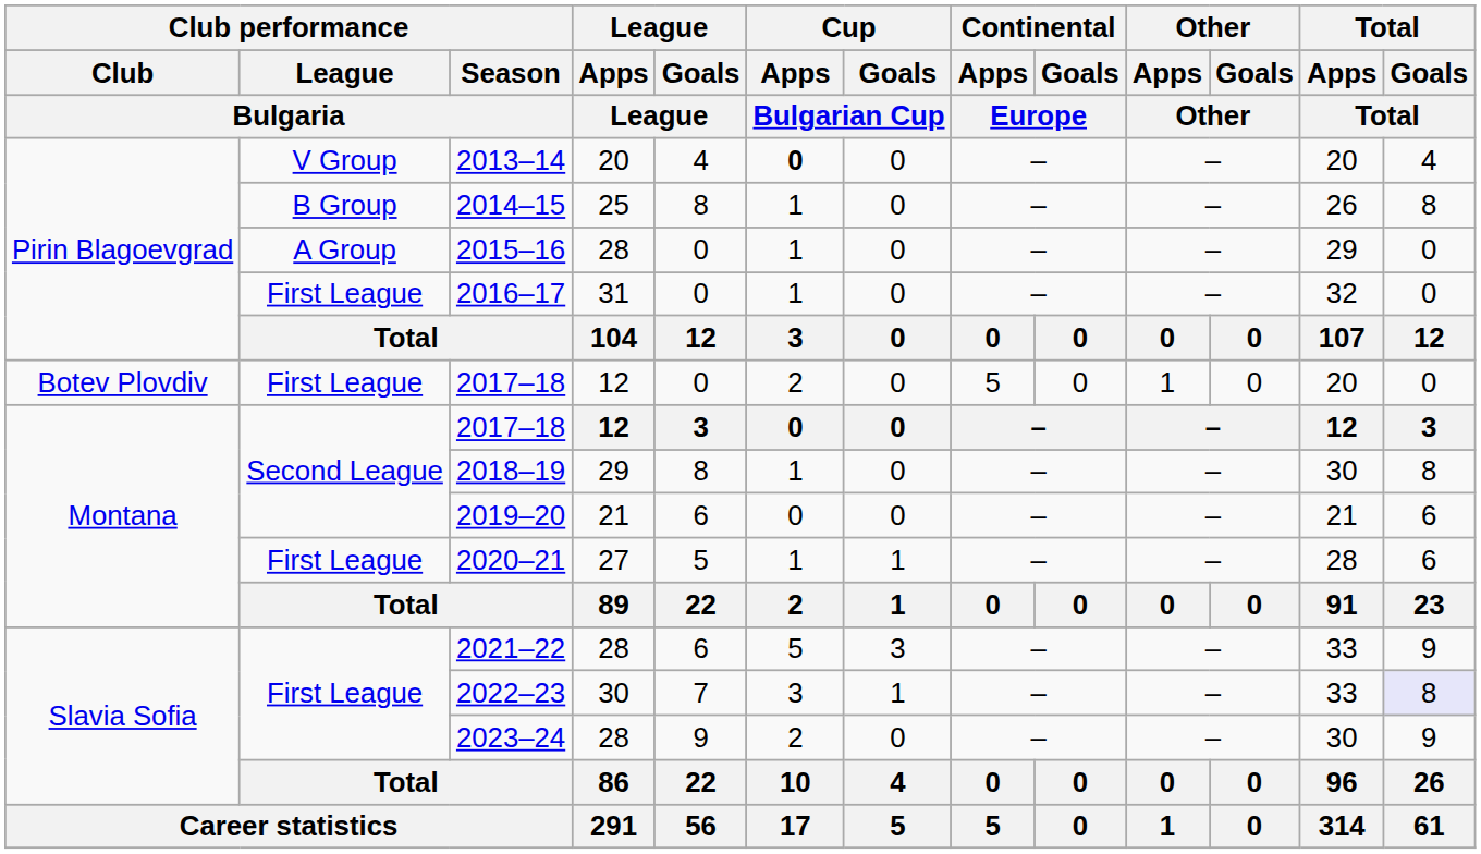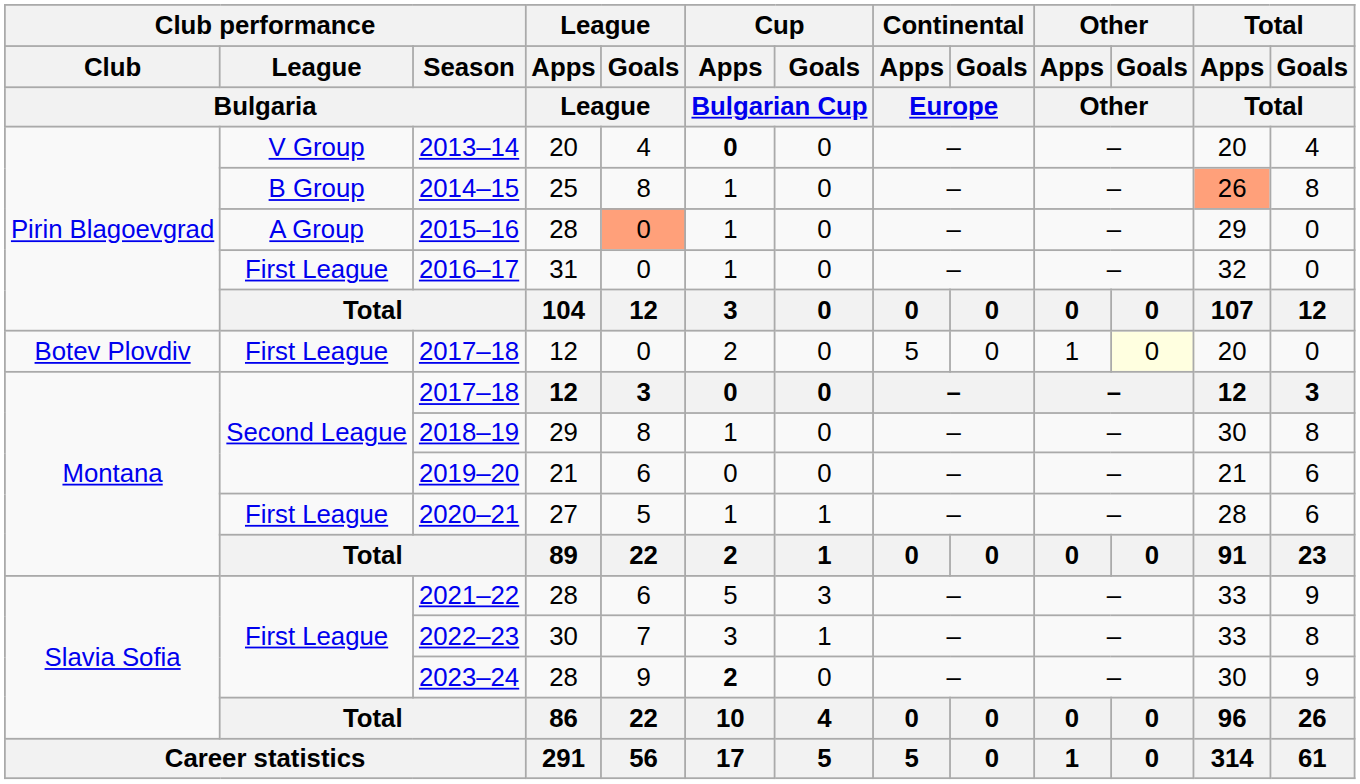 <table class="wikitable" style="font-size:90%; text-align: center">
 <tr>
 <th Colspan="3">Club performance</th>
 <th Colspan="2">League</th>
 <th Colspan="2">Cup</th>
 <th Colspan="2">Continental</th>
 <th Colspan="2">Other</th>
 <th Colspan="3">Total</th>
 </tr>
 <tr>
 <th>Club</th>
 <th>League</th>
 <th>Season</th>
 <th>Apps</th>
 <th>Goals</th>
 <th>Apps</th>
 <th>Goals</th>
 <th>Apps</th>
 <th>Goals</th>
 <th>Apps</th>
 <th>Goals</th>
 <th>Apps</th>
 <th>Goals</th>
 </tr>
 <tr>
 <th Colspan="3">Bulgaria</th>
 <th Colspan="2">League</th>
 <th Colspan="2"><a href='#'>Bulgarian Cup</a></th>
 <th Colspan="2"><a href='#'>Europe</a></th>
 <th Colspan="2">Other</th>
 <th Colspan="2">Total</th>
 </tr>
 <tr>
 <td rowspan="5" valign="center"><a href='#'>Pirin Blagoevgrad</a></td>
 <td rowspan="1"><a href='#'>V Group</a></td>
 <td><a href='#'>2013–14</a></td>
 <td>20</td>
 <td>4</td>
 <td><strong>0</strong></td>
 <td>0</td>
 <td colspan="2">–</td>
 <td colspan="2">–</td>
 <td>20</td>
 <td>4</td>
 </tr>
 <tr>
 <td rowspan="1"><a href='#'>B Group</a></td>
 <td><a href='#'>2014–15</a></td>
 <td>25</td>
 <td>8</td>
 <td>1</td>
 <td>0</td>
 <td colspan="2">–</td>
 <td colspan="2">–</td>
-<td>26</td>
+<td style="background: lightsalmon;">26</td>
 <td>8</td>
 </tr>
 <tr>
 <td rowspan="1"><a href='#'>A Group</a></td>
 <td><a href='#'>2015–16</a></td>
 <td>28</td>
-<td>0</td>
+<td style="background: lightsalmon;">0</td>
 <td>1</td>
 <td>0</td>
 <td colspan="2">–</td>
 <td colspan="2">–</td>
 <td>29</td>
 <td>0</td>
 </tr>
 <tr>
 <td rowspan="1"><a href='#'>First League</a></td>
 <td><a href='#'>2016–17</a></td>
 <td>31</td>
 <td>0</td>
 <td>1</td>
 <td>0</td>
 <td colspan="2">–</td>
 <td colspan="2">–</td>
 <td>32</td>
 <td>0</td>
 </tr>
 <tr>
 <th colspan=2>Total</th>
 <th>104</th>
 <th>12</th>
 <th>3</th>
 <th>0</th>
 <th>0</th>
 <th>0</th>
 <th>0</th>
 <th>0</th>
 <th>107</th>
 <th>12</th>
 </tr>
 <tr>
 <td rowspan="1" valign="center"><a href='#'>Botev Plovdiv</a></td>
 <td rowspan="1"><a href='#'>First League</a></td>
 <td><a href='#'>2017–18</a></td>
 <td>12</td>
 <td>0</td>
 <td>2</td>
 <td>0</td>
 <td>5</td>
 <td>0</td>
 <td>1</td>
-<td>0</td>
+<td style="background: lightyellow;">0</td>
 <td>20</td>
 <td>0</td>
 </tr>
 <tr>
 <td rowspan="5" valign="center"><a href='#'>Montana</a></td>
 <td rowspan="3"><a href='#'>Second League</a></td>
 <td><a href='#'>2017–18</a></td>
 <th>12</th>
 <th>3</th>
 <th>0</th>
 <th>0</th>
 <th colspan="2">–</th>
 <th colspan="2">–</th>
 <th>12</th>
 <th>3</th>
 </tr>
 <tr>
 <td><a href='#'>2018–19</a></td>
 <td>29</td>
 <td>8</td>
 <td>1</td>
 <td>0</td>
 <td colspan="2">–</td>
 <td colspan="2">–</td>
 <td>30</td>
 <td>8</td>
 </tr>
 <tr>
 <td><a href='#'>2019–20</a></td>
 <td>21</td>
 <td>6</td>
 <td>0</td>
 <td>0</td>
 <td colspan="2">–</td>
 <td colspan="2">–</td>
 <td>21</td>
 <td>6</td>
 </tr>
 <tr>
 <td rowspan="1"><a href='#'>First League</a></td>
 <td><a href='#'>2020–21</a></td>
 <td>27</td>
 <td>5</td>
 <td>1</td>
 <td>1</td>
 <td colspan="2">–</td>
 <td colspan="2">–</td>
 <td>28</td>
 <td>6</td>
 </tr>
 <tr>
 <th colspan=2>Total</th>
 <th>89</th>
 <th>22</th>
 <th>2</th>
 <th>1</th>
 <th>0</th>
 <th>0</th>
 <th>0</th>
 <th>0</th>
 <th>91</th>
 <th>23</th>
 </tr>
 <tr>
 <td rowspan="4" valign="center"><a href='#'>Slavia Sofia</a></td>
 <td rowspan="3"><a href='#'>First League</a></td>
 <td><a href='#'>2021–22</a></td>
 <td>28</td>
 <td>6</td>
 <td>5</td>
 <td>3</td>
 <td colspan="2">–</td>
 <td colspan="2">–</td>
 <td>33</td>
 <td>9</td>
 </tr>
 <tr>
 <td><a href='#'>2022–23</a></td>
 <td>30</td>
 <td>7</td>
 <td>3</td>
 <td>1</td>
 <td colspan="2">–</td>
 <td colspan="2">–</td>
 <td>33</td>
-<td style="background: lavender;">8</td>
+<td>8</td>
 </tr>
 <tr>
 <td><a href='#'>2023–24</a></td>
 <td>28</td>
 <td>9</td>
-<td>2</td>
+<td><strong>2</strong></td>
 <td>0</td>
 <td colspan="2">–</td>
 <td colspan="2">–</td>
 <td>30</td>
 <td>9</td>
 </tr>
 <tr>
 <th colspan=2>Total</th>
 <th>86</th>
 <th>22</th>
 <th>10</th>
 <th>4</th>
 <th>0</th>
 <th>0</th>
 <th>0</th>
 <th>0</th>
 <th>96</th>
 <th>26</th>
 </tr>
 <tr>
 <th colspan="3">Career statistics</th>
 <th>291</th>
 <th>56</th>
 <th>17</th>
 <th>5</th>
 <th>5</th>
 <th>0</th>
 <th>1</th>
 <th>0</th>
 <th>314</th>
 <th>61</th>
 </tr>
 </table>
